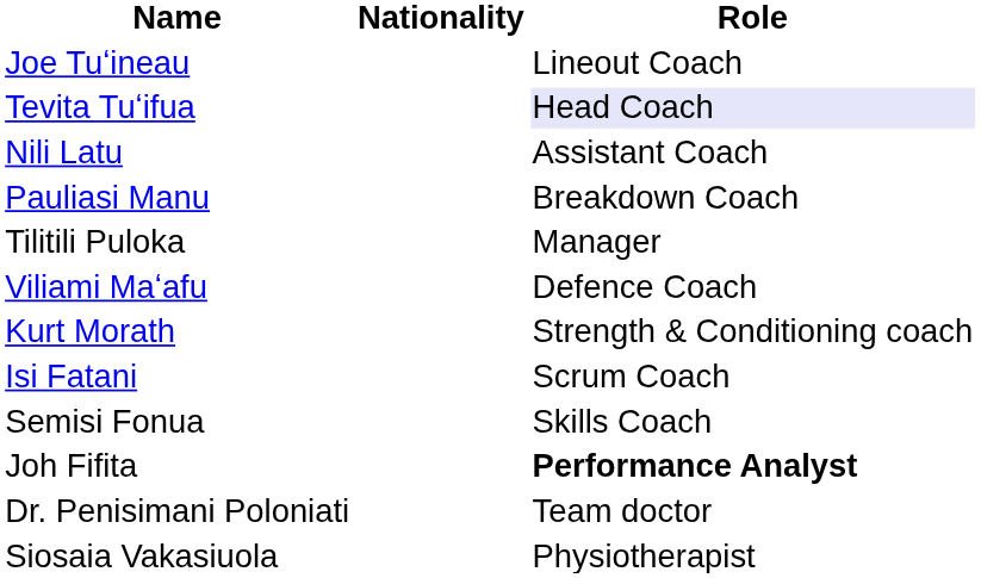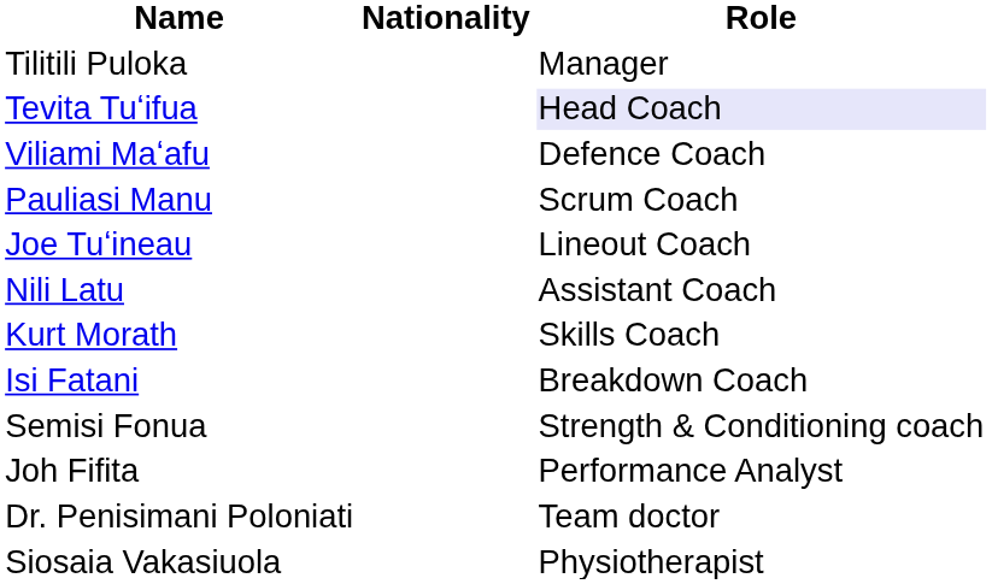 <table class="wikitab">
 <tr>
 <th>Name</th>
 <th>Nationality</th>
 <th>Role</th>
 </tr>
 <tr>
-<td><a href='#'>Joe Tuʻineau</a></td>
+<td>Tilitili Puloka</td>
 <td></td>
-<td>Lineout Coach</td>
+<td>Manager</td>
 </tr>
 <tr>
 <td><a href='#'>Tevita Tuʻifua</a></td>
 <td></td>
 <td style="background: lavender;">Head Coach</td>
 </tr>
 <tr>
+<td><a href='#'>Viliami Maʻafu</a></td>
+<td></td>
+<td>Defence Coach</td>
+</tr>
+<tr>
+<td><a href='#'>Pauliasi Manu</a></td>
+<td></td>
+<td>Scrum Coach</td>
+</tr>
+<tr>
+<td><a href='#'>Joe Tuʻineau</a></td>
+<td></td>
+<td>Lineout Coach</td>
+</tr>
+<tr>
 <td><a href='#'>Nili Latu</a></td>
 <td></td>
 <td>Assistant Coach</td>
 </tr>
 <tr>
-<td><a href='#'>Pauliasi Manu</a></td>
+<td><a href='#'>Kurt Morath</a></td>
+<td></td>
+<td>Skills Coach</td>
+</tr>
+<tr>
+<td><a href='#'>Isi Fatani</a></td>
 <td></td>
 <td>Breakdown Coach</td>
 </tr>
 <tr>
-<td>Tilitili Puloka</td>
-<td></td>
-<td>Manager</td>
-</tr>
-<tr>
-<td><a href='#'>Viliami Maʻafu</a></td>
-<td></td>
-<td>Defence Coach</td>
-</tr>
-<tr>
-<td><a href='#'>Kurt Morath</a></td>
+<td>Semisi Fonua</td>
 <td></td>
 <td>Strength & Conditioning coach</td>
 </tr>
 <tr>
-<td><a href='#'>Isi Fatani</a></td>
-<td></td>
-<td>Scrum Coach</td>
-</tr>
-<tr>
-<td>Semisi Fonua</td>
-<td></td>
-<td>Skills Coach</td>
-</tr>
-<tr>
 <td>Joh Fifita</td>
 <td></td>
-<td><strong>Performance Analyst</strong></td>
+<td>Performance Analyst</td>
 </tr>
 <tr>
 <td>Dr. Penisimani Poloniati</td>
 <td></td>
 <td>Team doctor</td>
 </tr>
 <tr>
 <td>Siosaia Vakasiuola</td>
 <td></td>
 <td>Physiotherapist</td>
 </tr>
 </table>
